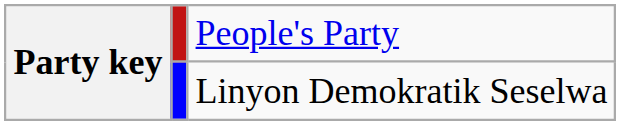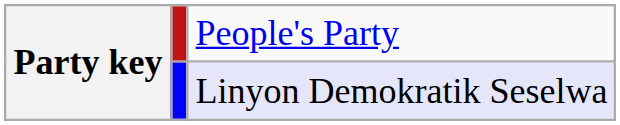 <table class=wikitable>
 <tr>
 <th rowspan=3>Party key</th>
 <td style="background:#c11313"></td>
 <td><a href='#'>People's Party</a></td>
 </tr>
 <tr>
 <td style="background:#0000FF"></td>
-<td>Linyon Demokratik Seselwa</td>
+<td style="background: lavender;">Linyon Demokratik Seselwa</td>
 </tr>
 </table>
